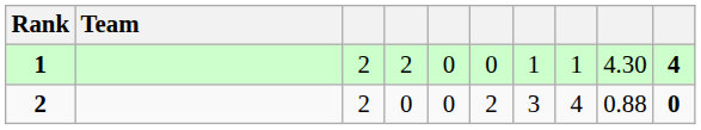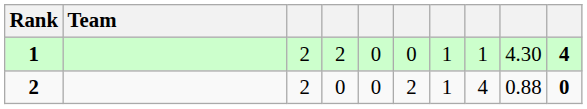 <table class="wikitable" style="text-align: center;">
 <tr>
 <th width=30>Rank</th>
 <th width=165 style="text-align:left;">Team</th>
 <th width=20></th>
 <th width=20></th>
 <th width=20></th>
 <th width=20></th>
 <th width=20></th>
 <th width=20></th>
 <th width=20></th>
 <th width=20></th>
 </tr>
 <tr style="background:#ccffcc;">
 <td><strong>1</strong></td>
 <td style="text-align:left;"></td>
 <td>2</td>
 <td>2</td>
 <td>0</td>
 <td>0</td>
 <td>1</td>
 <td>1</td>
 <td>4.30</td>
 <td><strong>4</strong></td>
 </tr>
 <tr>
 <td><strong>2</strong></td>
 <td style="text-align:left;"></td>
 <td>2</td>
 <td>0</td>
 <td>0</td>
 <td>2</td>
-<td>3</td>
+<td>1</td>
 <td>4</td>
 <td>0.88</td>
 <td><strong>0</strong></td>
 </tr>
 </table>
